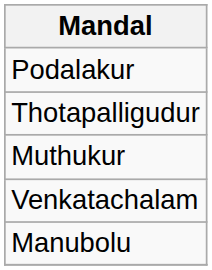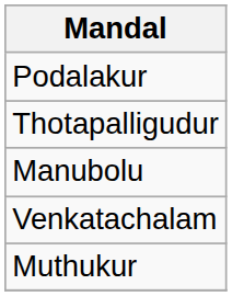 <table class="wikitable sortable static-row-numbers static-row-header-hash">
 <tr>
 <th>Mandal</th>
 </tr>
 <tr>
 <td>Podalakur</td>
 </tr>
 <tr>
 <td>Thotapalligudur</td>
 </tr>
 <tr>
-<td>Muthukur</td>
+<td>Manubolu</td>
 </tr>
 <tr>
 <td>Venkatachalam</td>
 </tr>
 <tr>
-<td>Manubolu</td>
+<td>Muthukur</td>
 </tr>
 <tr>
 </tr>
 </table>
